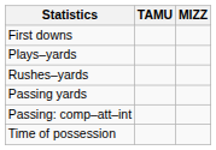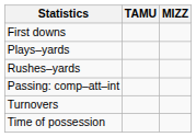 <table class="wikitable" style="float:left">
 <tr>
 <th>Statistics</th>
 <th>TAMU</th>
 <th>MIZZ</th>
 </tr>
 <tr>
 <td>First downs</td>
 <td></td>
 <td></td>
 </tr>
 <tr>
 <td>Plays–yards</td>
 <td></td>
 <td></td>
 </tr>
 <tr>
 <td>Rushes–yards</td>
 <td></td>
 <td></td>
 </tr>
 <tr>
-<td>Passing yards</td>
+<td>Passing: comp–att–int</td>
 <td></td>
 <td></td>
 </tr>
 <tr>
-<td>Passing: comp–att–int</td>
+<td>Turnovers</td>
 <td></td>
 <td></td>
 </tr>
 <tr>
 <td>Time of possession</td>
 <td></td>
 <td></td>
 </tr>
 </table>
